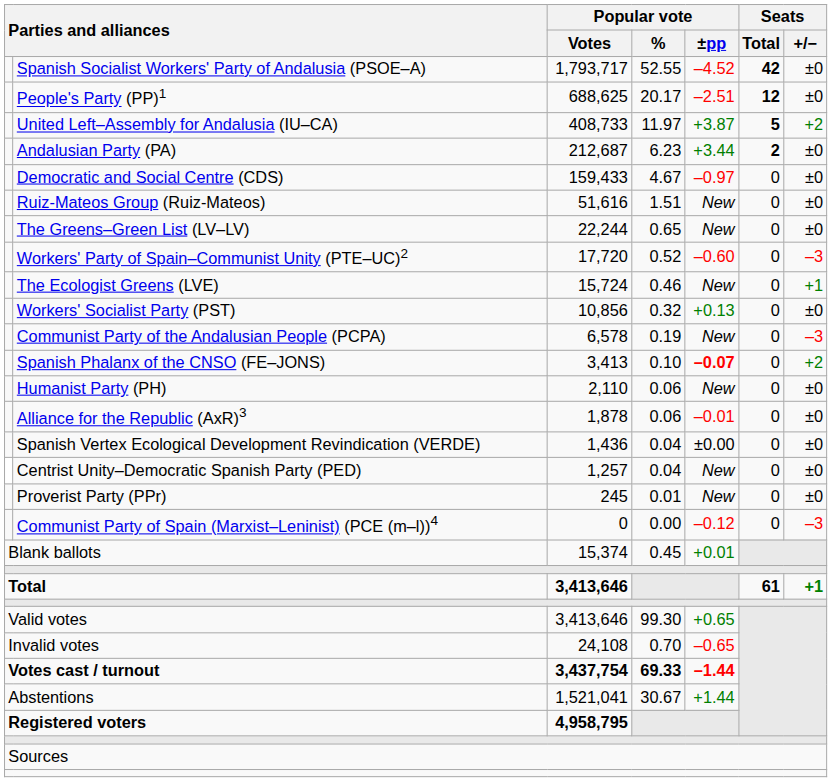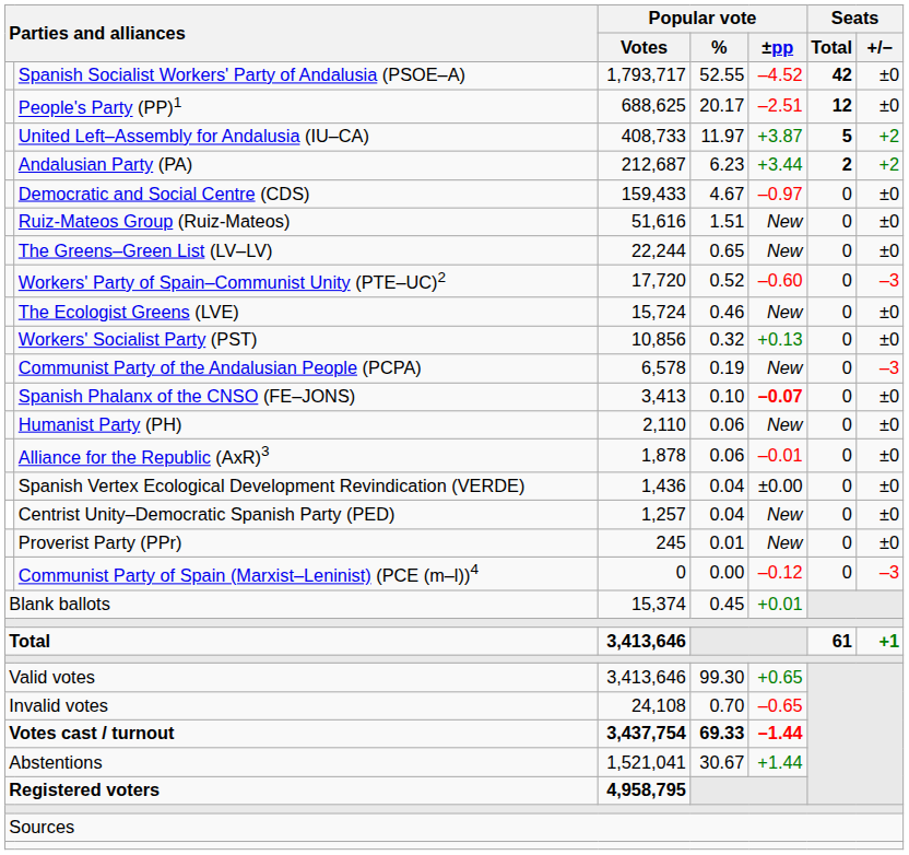 <table class="wikitable" style="text-align:right;">
 <tr>
 <th style="text-align:left;" rowspan="2" colspan="2" width="525">Parties and alliances</th>
 <th colspan="3">Popular vote</th>
 <th colspan="2">Seats</th>
 </tr>
 <tr>
 <th width="75">Votes</th>
 <th width="45">%</th>
 <th width="45">±<a href='#'>pp</a></th>
 <th width="35">Total</th>
 <th width="35">+/−</th>
 </tr>
 <tr>
 <td width="1" style="color:inherit;background:"></td>
 <td align="left"><a href='#'>Spanish Socialist Workers' Party of Andalusia</a> (PSOE–A)</td>
 <td>1,793,717</td>
 <td>52.55</td>
 <td style="color:red;">–4.52</td>
 <td><strong>42</strong></td>
 <td>±0</td>
 </tr>
 <tr>
 <td style="color:inherit;background:"></td>
 <td align="left"><a href='#'>People's Party</a> (PP)<sup>1</sup></td>
 <td>688,625</td>
 <td>20.17</td>
 <td style="color:red;">–2.51</td>
 <td><strong>12</strong></td>
 <td>±0</td>
 </tr>
 <tr>
 <td style="color:inherit;background:"></td>
 <td align="left"><a href='#'>United Left–Assembly for Andalusia</a> (IU–CA)</td>
 <td>408,733</td>
 <td>11.97</td>
 <td style="color:green;">+3.87</td>
 <td><strong>5</strong></td>
 <td style="color:green;">+2</td>
 </tr>
 <tr>
 <td style="color:inherit;background:"></td>
 <td align="left"><a href='#'>Andalusian Party</a> (PA)</td>
 <td>212,687</td>
 <td>6.23</td>
 <td style="color:green;">+3.44</td>
 <td><strong>2</strong></td>
-<td>±0</td>
+<td style="color:green;">+2</td>
 </tr>
 <tr>
 <td style="color:inherit;background:"></td>
 <td align="left"><a href='#'>Democratic and Social Centre</a> (CDS)</td>
 <td>159,433</td>
 <td>4.67</td>
 <td style="color:red;">–0.97</td>
 <td>0</td>
 <td>±0</td>
 </tr>
 <tr>
 <td style="color:inherit;background:"></td>
 <td align="left"><a href='#'>Ruiz-Mateos Group</a> (Ruiz-Mateos)</td>
 <td>51,616</td>
 <td>1.51</td>
 <td><em>New</em></td>
 <td>0</td>
 <td>±0</td>
 </tr>
 <tr>
 <td style="color:inherit;background:"></td>
 <td align="left"><a href='#'>The Greens–Green List</a> (LV–LV)</td>
 <td>22,244</td>
 <td>0.65</td>
 <td><em>New</em></td>
 <td>0</td>
 <td>±0</td>
 </tr>
 <tr>
 <td style="color:inherit;background:"></td>
 <td align="left"><a href='#'>Workers' Party of Spain–Communist Unity</a> (PTE–UC)<sup>2</sup></td>
 <td>17,720</td>
 <td>0.52</td>
 <td style="color:red;">–0.60</td>
 <td>0</td>
 <td style="color:red;">–3</td>
 </tr>
 <tr>
 <td style="color:inherit;background:"></td>
 <td align="left"><a href='#'>The Ecologist Greens</a> (LVE)</td>
 <td>15,724</td>
 <td>0.46</td>
 <td><em>New</em></td>
 <td>0</td>
-<td style="color:green;">+1</td>
+<td>±0</td>
 </tr>
 <tr>
 <td style="color:inherit;background:"></td>
 <td align="left"><a href='#'>Workers' Socialist Party</a> (PST)</td>
 <td>10,856</td>
 <td>0.32</td>
 <td style="color:green;">+0.13</td>
 <td>0</td>
 <td>±0</td>
 </tr>
 <tr>
 <td style="color:inherit;background:"></td>
 <td align="left"><a href='#'>Communist Party of the Andalusian People</a> (PCPA)</td>
 <td>6,578</td>
 <td>0.19</td>
 <td><em>New</em></td>
 <td>0</td>
 <td style="color:red;">–3</td>
 </tr>
 <tr>
 <td style="color:inherit;background:"></td>
 <td align="left"><a href='#'>Spanish Phalanx of the CNSO</a> (FE–JONS)</td>
 <td>3,413</td>
 <td>0.10</td>
 <td style="color:red;"><strong>–0.07</strong></td>
 <td>0</td>
-<td style="color:green;">+2</td>
+<td>±0</td>
 </tr>
 <tr>
 <td style="color:inherit;background:"></td>
 <td align="left"><a href='#'>Humanist Party</a> (PH)</td>
 <td>2,110</td>
 <td>0.06</td>
 <td><em>New</em></td>
 <td>0</td>
 <td>±0</td>
 </tr>
 <tr>
 <td style="color:inherit;background:"></td>
 <td align="left"><a href='#'>Alliance for the Republic</a> (AxR)<sup>3</sup></td>
 <td>1,878</td>
 <td>0.06</td>
 <td style="color:red;">–0.01</td>
 <td>0</td>
 <td>±0</td>
 </tr>
 <tr>
 <td style="color:inherit;background:"></td>
 <td align="left">Spanish Vertex Ecological Development Revindication (VERDE)</td>
 <td>1,436</td>
 <td>0.04</td>
 <td>±0.00</td>
 <td>0</td>
 <td>±0</td>
 </tr>
 <tr>
 <td bgcolor="white"></td>
 <td align="left">Centrist Unity–Democratic Spanish Party (PED)</td>
 <td>1,257</td>
 <td>0.04</td>
 <td><em>New</em></td>
 <td>0</td>
 <td>±0</td>
 </tr>
 <tr>
 <td style="color:inherit;background:"></td>
 <td align="left">Proverist Party (PPr)</td>
 <td>245</td>
 <td>0.01</td>
 <td><em>New</em></td>
 <td>0</td>
 <td>±0</td>
 </tr>
 <tr>
 <td style="color:inherit;background:"></td>
 <td align="left"><a href='#'>Communist Party of Spain (Marxist–Leninist)</a> (PCE (m–l))<sup>4</sup></td>
 <td>0</td>
 <td>0.00</td>
 <td style="color:red;">–0.12</td>
 <td>0</td>
 <td style="color:red;">–3</td>
 </tr>
 <tr>
 <td align="left" colspan="2">Blank ballots</td>
 <td>15,374</td>
 <td>0.45</td>
 <td style="color:green;">+0.01</td>
 <td bgcolor="#E9E9E9" colspan="2"></td>
 </tr>
 <tr>
 <td colspan="7" bgcolor="#E9E9E9"></td>
 </tr>
 <tr style="font-weight:bold;">
 <td align="left" colspan="2">Total</td>
 <td>3,413,646</td>
 <td bgcolor="#E9E9E9" colspan="2"></td>
 <td>61</td>
 <td style="color:green;">+1</td>
 </tr>
 <tr>
 <td colspan="7" bgcolor="#E9E9E9"></td>
 </tr>
 <tr>
 <td align="left" colspan="2">Valid votes</td>
 <td>3,413,646</td>
 <td>99.30</td>
 <td style="color:green;">+0.65</td>
 <td bgcolor="#E9E9E9" colspan="2" rowspan="5"></td>
 </tr>
 <tr>
 <td align="left" colspan="2">Invalid votes</td>
 <td>24,108</td>
 <td>0.70</td>
 <td style="color:red;">–0.65</td>
 </tr>
 <tr style="font-weight:bold;">
 <td align="left" colspan="2">Votes cast / turnout</td>
 <td>3,437,754</td>
 <td>69.33</td>
 <td style="color:red;">–1.44</td>
 </tr>
 <tr>
 <td align="left" colspan="2">Abstentions</td>
 <td>1,521,041</td>
 <td>30.67</td>
 <td style="color:green;">+1.44</td>
 </tr>
 <tr style="font-weight:bold;">
 <td align="left" colspan="2">Registered voters</td>
 <td>4,958,795</td>
 <td bgcolor="#E9E9E9" colspan="2"></td>
 </tr>
 <tr>
 <td colspan="7" bgcolor="#E9E9E9"></td>
 </tr>
 <tr>
 <td align="left" colspan="7">Sources</td>
 </tr>
 <tr>
 <td colspan="7" style="text-align:left; max-width:790px;"></td>
 </tr>
 </table>
